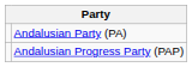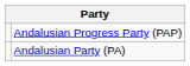 <table class="wikitable" style="text-align:left; font-size:97%;">
 <tr>
 <th colspan="2">Party</th>
 </tr>
 <tr>
+<td></td>
+<td><a href='#'>Andalusian Progress Party</a> (PAP)</td>
+</tr>
+<tr>
 <td width="1"></td>
 <td><a href='#'>Andalusian Party</a> (PA)</td>
 </tr>
-<tr>
-<td></td>
-<td><a href='#'>Andalusian Progress Party</a> (PAP)</td>
-</tr>
 </table>
